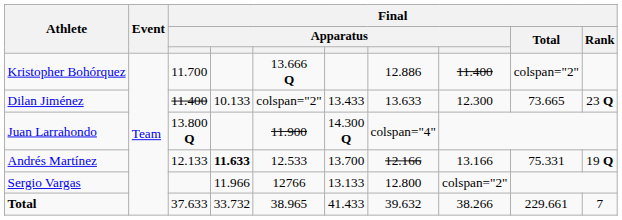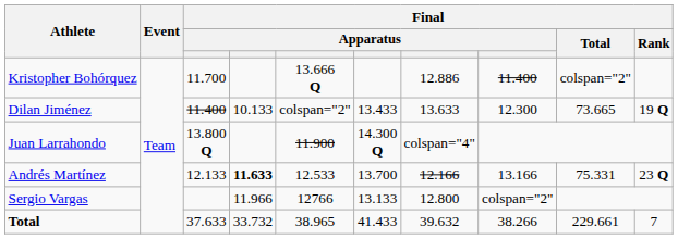 <table class="wikitable" style="font-size:90%">
 <tr>
 <th rowspan=3>Athlete</th>
 <th rowspan=3>Event</th>
 <th colspan =8>Final</th>
 </tr>
 <tr style="font-size:95%">
 <th colspan=6>Apparatus</th>
 <th rowspan=2>Total</th>
 <th rowspan=2>Rank</th>
 </tr>
 <tr style="font-size:95%">
 <th></th>
 <th></th>
 <th></th>
 <th></th>
 <th></th>
 <th></th>
 </tr>
 <tr align=center>
 <td align=left><a href='#'>Kristopher Bohórquez</a></td>
 <td style="text-align:left;" rowspan="6"><a href='#'>Team</a></td>
 <td>11.700</td>
 <td></td>
 <td>13.666<br><strong>Q</strong></td>
 <td></td>
 <td>12.886</td>
 <td><s>11.400</s></td>
 <td>colspan="2" </td>
 </tr>
 <tr align=center>
 <td align=left><a href='#'>Dilan Jiménez</a></td>
 <td><s>11.400</s></td>
 <td>10.133</td>
 <td>colspan="2" </td>
 <td>13.433</td>
 <td>13.633</td>
 <td>12.300</td>
 <td>73.665</td>
-<td>23 <strong>Q</strong></td>
+<td>19 <strong>Q</strong></td>
 </tr>
 <tr align=center>
 <td align=left><a href='#'>Juan Larrahondo</a></td>
 <td>13.800<br><strong>Q</strong></td>
 <td></td>
 <td><s>11.900</s></td>
 <td>14.300<br><strong>Q</strong></td>
 <td>colspan="4" </td>
 </tr>
 <tr align=center>
 <td align=left><a href='#'>Andrés Martínez</a></td>
 <td>12.133</td>
 <td><strong>11.633</strong></td>
 <td>12.533</td>
 <td>13.700</td>
 <td><s>12.166</s></td>
 <td>13.166</td>
 <td>75.331</td>
-<td>19 <strong>Q</strong></td>
+<td>23 <strong>Q</strong></td>
 </tr>
 <tr align=center>
 <td align=left><a href='#'>Sergio Vargas</a></td>
 <td></td>
 <td>11.966</td>
 <td>12766</td>
 <td>13.133</td>
 <td>12.800</td>
 <td>colspan="2" </td>
 </tr>
 <tr align=center>
 <td align=left><strong>Total</strong></td>
 <td>37.633</td>
 <td>33.732</td>
 <td>38.965</td>
 <td>41.433</td>
 <td>39.632</td>
 <td>38.266</td>
 <td>229.661</td>
 <td>7</td>
 </tr>
 </table>
